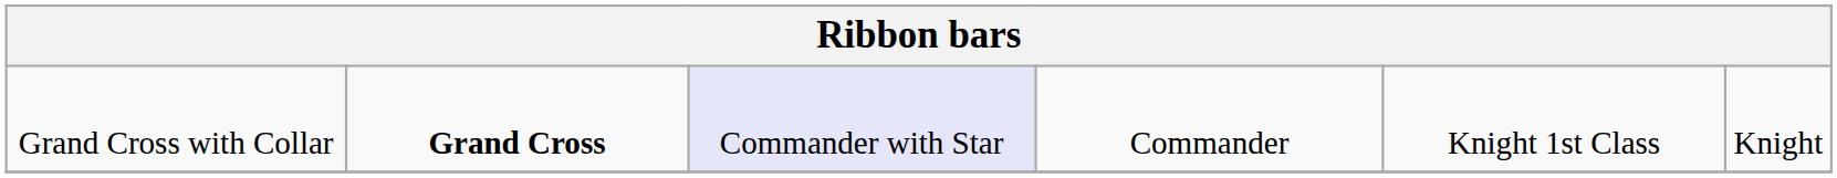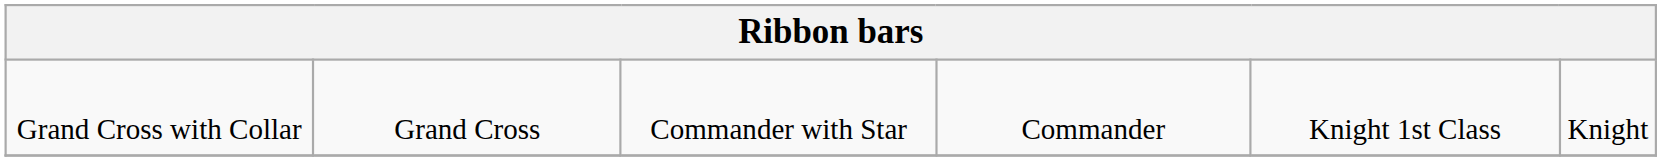 <table align=center class=wikitable width=60% style="margin:auto;">
 <tr>
 <th colspan=6><strong>Ribbon bars</strong></th>
 </tr>
 <tr>
 <td width=20% valign=top align=center><br> <small>Grand Cross with Collar</small></td>
-<td width=20% valign=top align=center><strong><br> <small>Grand Cross</small></strong></td>
-<td width=20% valign=top align=center style="background: lavender;"><br> <small>Commander with Star</small></td>
+<td width=20% valign=top align=center><br> <small>Grand Cross</small></td>
+<td width=20% valign=top align=center><br> <small>Commander with Star</small></td>
 <td width=20% valign=top align=center><br> <small>Commander</small></td>
 <td width=20% valign=top align=center><br> <small>Knight 1st Class</small></td>
 <td width=20% valign=top align=center><br> <small>Knight</small></td>
 </tr>
 <tr>
 </tr>
 </table>
